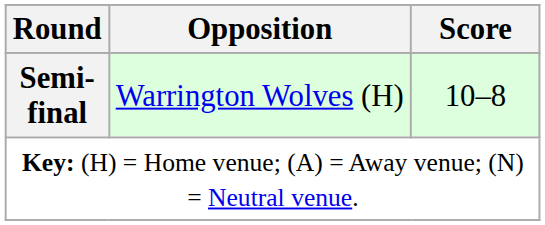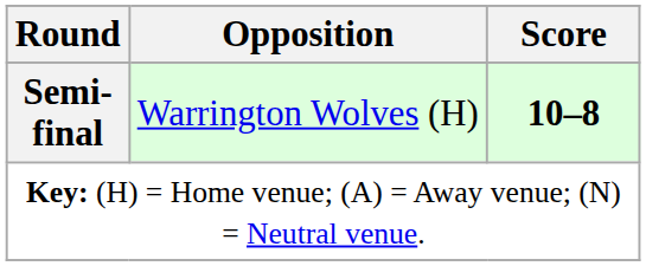 <table class="wikitable plainrowheaders" style="text-align:center;margin-left:1em;">
 <tr>
 <th width="25">Round</th>
 <th width="150">Opposition</th>
 <th width="60">Score</th>
 </tr>
 <tr>
 <th scope=row style="text-align:center">Semi-final</th>
 <td bgcolor=ddffdd> <a href='#'>Warrington Wolves</a> (H)</td>
-<td bgcolor=ddffdd>10–8</td>
+<td bgcolor=ddffdd><strong>10–8</strong></td>
 </tr>
 <tr>
 <td colspan="3" style="background-color:white;"><small><strong>Key:</strong> (H) = Home venue; (A) = Away venue; (N) = <a href='#'>Neutral venue</a>.</small></td>
 </tr>
 </table>
